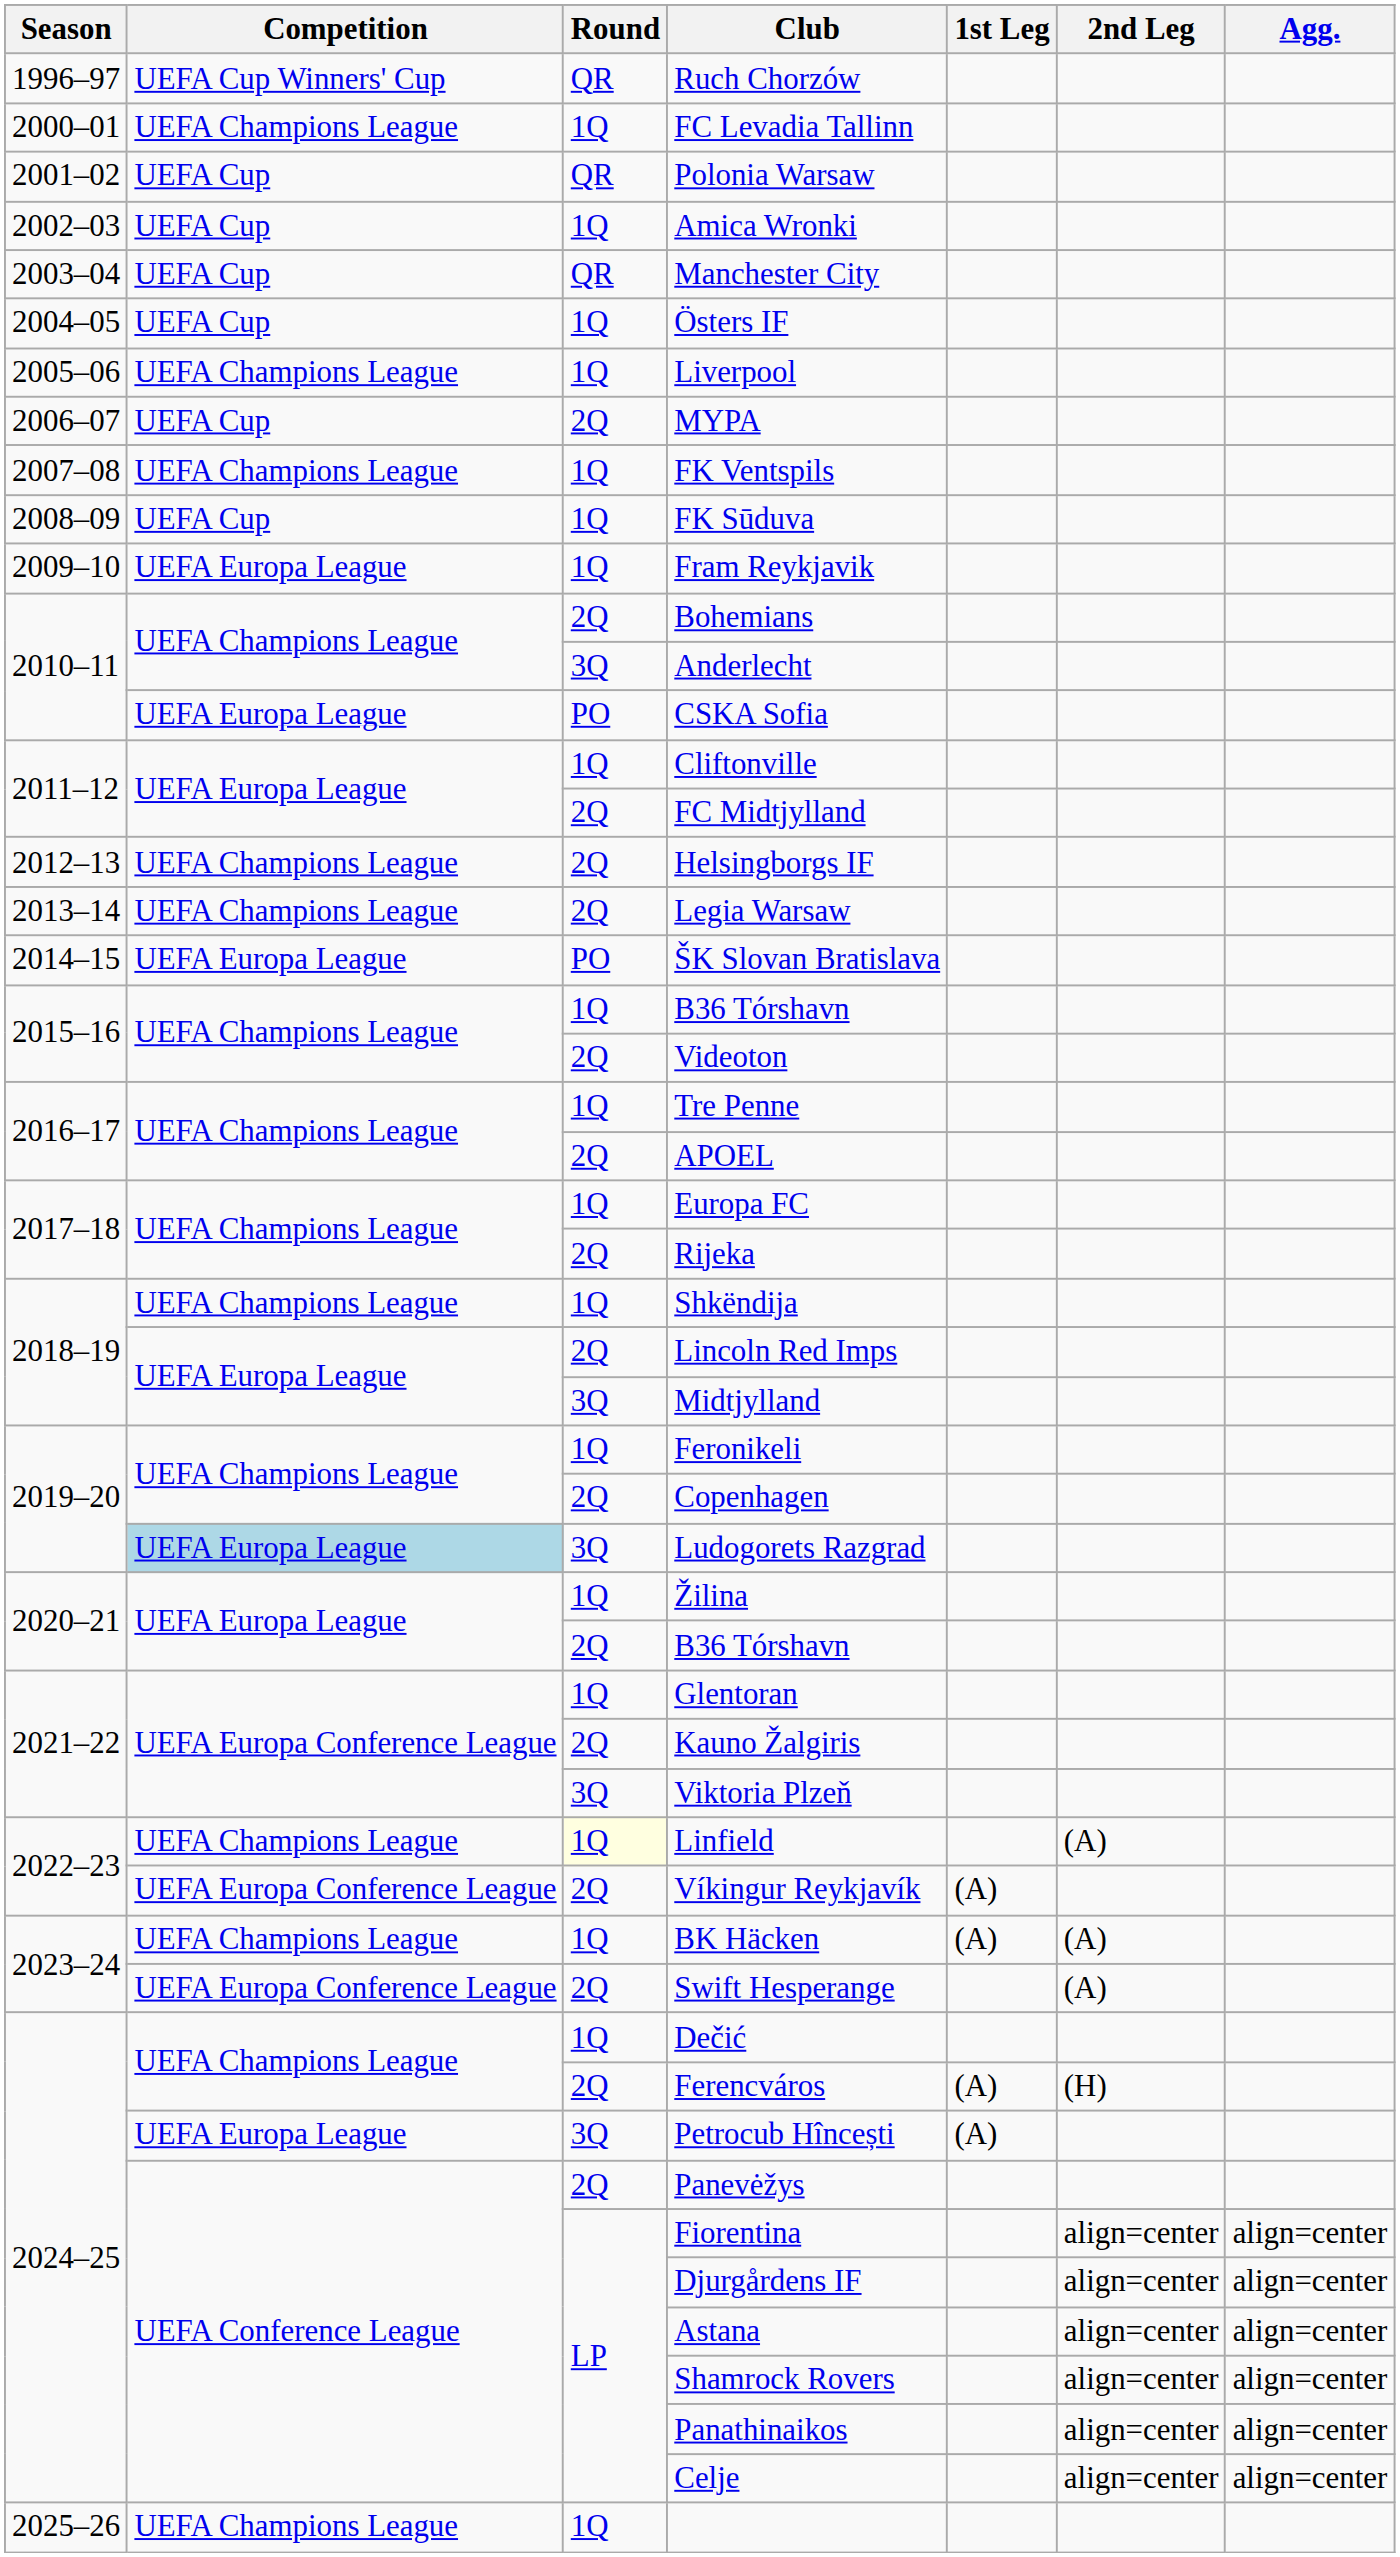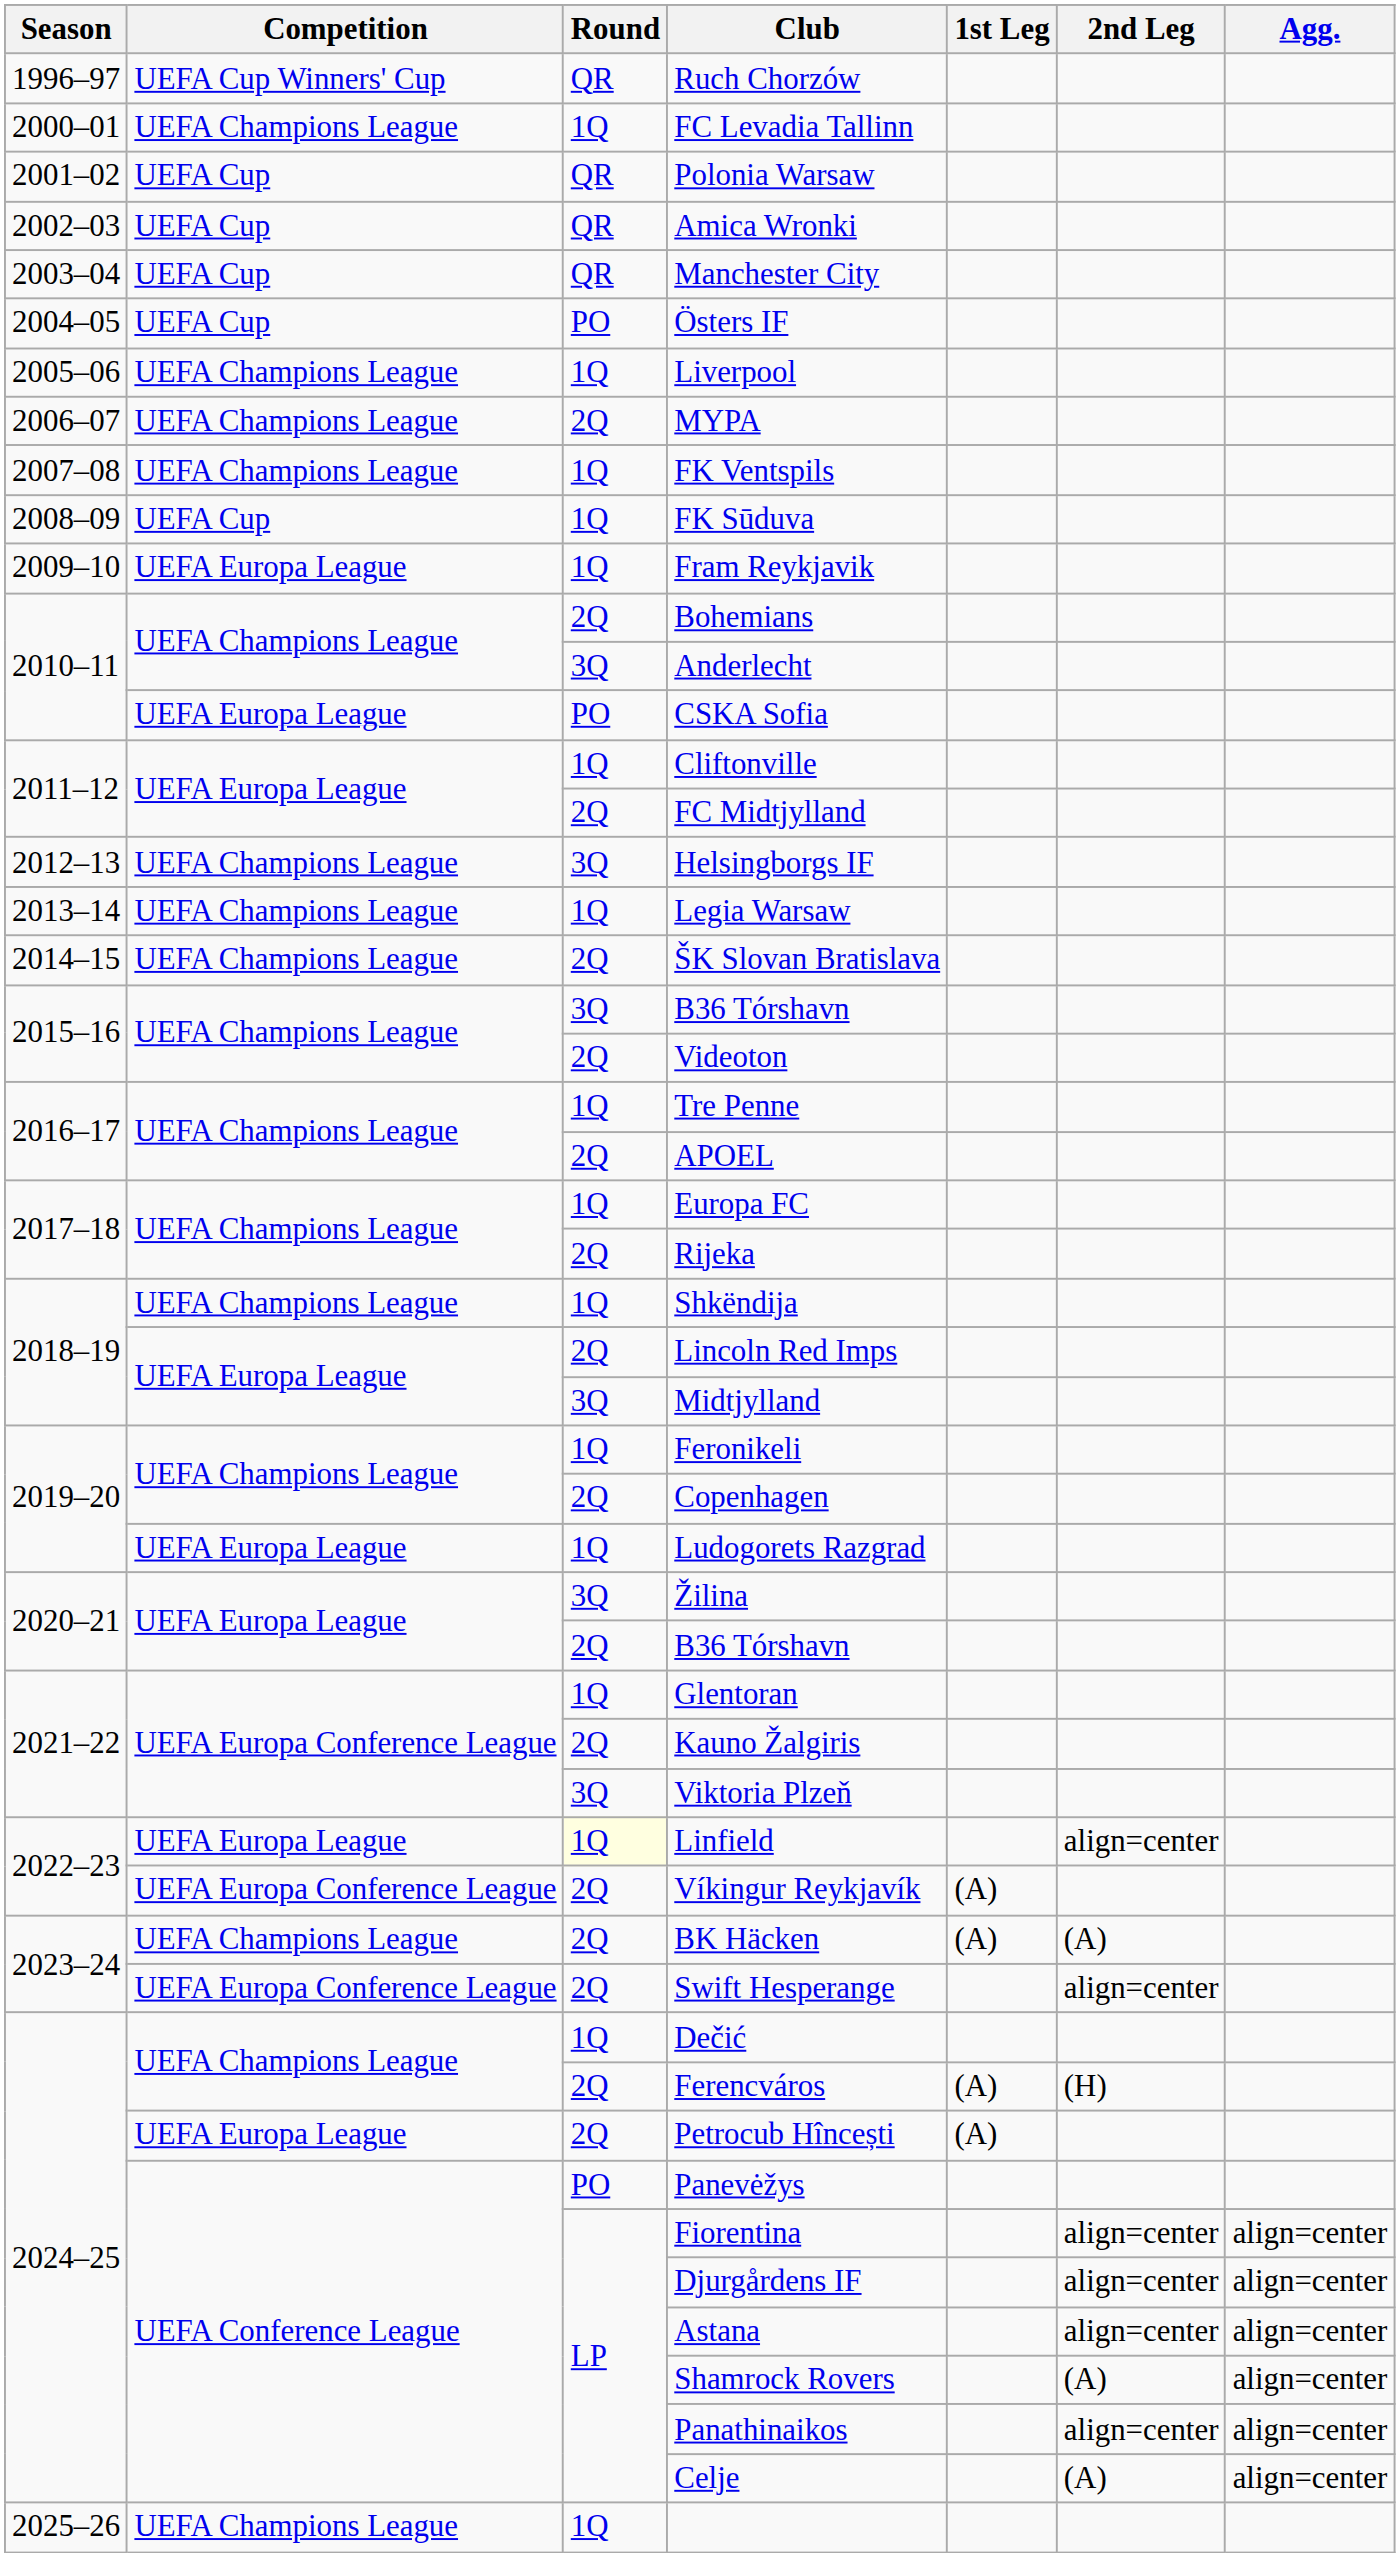 <table class="wikitable sortable">
 <tr>
 <th>Season</th>
 <th>Competition</th>
 <th>Round</th>
 <th>Club</th>
 <th>1st Leg</th>
 <th>2nd Leg</th>
 <th><a href='#'>Agg.</a></th>
 </tr>
 <tr>
 <td>1996–97</td>
 <td><a href='#'>UEFA Cup Winners' Cup</a></td>
 <td><a href='#'>QR</a></td>
 <td> <a href='#'>Ruch Chorzów</a></td>
 <td></td>
 <td></td>
 <td></td>
 </tr>
 <tr>
 <td>2000–01</td>
 <td><a href='#'>UEFA Champions League</a></td>
 <td><a href='#'>1Q</a></td>
 <td> <a href='#'>FC Levadia Tallinn</a></td>
 <td></td>
 <td></td>
 <td></td>
 </tr>
 <tr>
 <td>2001–02</td>
 <td><a href='#'>UEFA Cup</a></td>
 <td><a href='#'>QR</a></td>
 <td> <a href='#'>Polonia Warsaw</a></td>
 <td></td>
 <td></td>
 <td></td>
 </tr>
 <tr>
 <td>2002–03</td>
 <td><a href='#'>UEFA Cup</a></td>
-<td><a href='#'>1Q</a></td>
+<td><a href='#'>QR</a></td>
 <td> <a href='#'>Amica Wronki</a></td>
 <td></td>
 <td></td>
 <td></td>
 </tr>
 <tr>
 <td>2003–04</td>
 <td><a href='#'>UEFA Cup</a></td>
 <td><a href='#'>QR</a></td>
 <td> <a href='#'>Manchester City</a></td>
 <td></td>
 <td></td>
 <td></td>
 </tr>
 <tr>
 <td>2004–05</td>
 <td><a href='#'>UEFA Cup</a></td>
-<td><a href='#'>1Q</a></td>
+<td><a href='#'>PO</a></td>
 <td> <a href='#'>Östers IF</a></td>
 <td></td>
 <td></td>
 <td></td>
 </tr>
 <tr>
 <td>2005–06</td>
 <td><a href='#'>UEFA Champions League</a></td>
 <td><a href='#'>1Q</a></td>
 <td> <a href='#'>Liverpool</a></td>
 <td></td>
 <td></td>
 <td></td>
 </tr>
 <tr>
 <td>2006–07</td>
-<td><a href='#'>UEFA Cup</a></td>
+<td><a href='#'>UEFA Champions League</a></td>
 <td><a href='#'>2Q</a></td>
 <td> <a href='#'>MYPA</a></td>
 <td></td>
 <td></td>
 <td></td>
 </tr>
 <tr>
 <td>2007–08</td>
 <td><a href='#'>UEFA Champions League</a></td>
 <td><a href='#'>1Q</a></td>
 <td> <a href='#'>FK Ventspils</a></td>
 <td></td>
 <td></td>
 <td></td>
 </tr>
 <tr>
 <td>2008–09</td>
 <td><a href='#'>UEFA Cup</a></td>
 <td><a href='#'>1Q</a></td>
 <td> <a href='#'>FK Sūduva</a></td>
 <td></td>
 <td></td>
 <td></td>
 </tr>
 <tr>
 <td>2009–10</td>
 <td><a href='#'>UEFA Europa League</a></td>
 <td><a href='#'>1Q</a></td>
 <td> <a href='#'>Fram Reykjavik</a></td>
 <td></td>
 <td></td>
 <td></td>
 </tr>
 <tr>
 <td rowspan="3">2010–11</td>
 <td rowspan="2"><a href='#'>UEFA Champions League</a></td>
 <td><a href='#'>2Q</a></td>
 <td> <a href='#'>Bohemians</a></td>
 <td></td>
 <td></td>
 <td></td>
 </tr>
 <tr>
 <td><a href='#'>3Q</a></td>
 <td> <a href='#'>Anderlecht</a></td>
 <td></td>
 <td></td>
 <td></td>
 </tr>
 <tr>
 <td><a href='#'>UEFA Europa League</a></td>
 <td><a href='#'>PO</a></td>
 <td> <a href='#'>CSKA Sofia</a></td>
 <td></td>
 <td></td>
 <td></td>
 </tr>
 <tr>
 <td rowspan="2">2011–12</td>
 <td rowspan="2"><a href='#'>UEFA Europa League</a></td>
 <td><a href='#'>1Q</a></td>
 <td> <a href='#'>Cliftonville</a></td>
 <td></td>
 <td></td>
 <td></td>
 </tr>
 <tr>
 <td><a href='#'>2Q</a></td>
 <td> <a href='#'>FC Midtjylland</a></td>
 <td></td>
 <td></td>
 <td></td>
 </tr>
 <tr>
 <td>2012–13</td>
 <td><a href='#'>UEFA Champions League</a></td>
-<td><a href='#'>2Q</a></td>
+<td><a href='#'>3Q</a></td>
 <td> <a href='#'>Helsingborgs IF</a></td>
 <td></td>
 <td></td>
 <td></td>
 </tr>
 <tr>
 <td>2013–14</td>
 <td><a href='#'>UEFA Champions League</a></td>
-<td><a href='#'>2Q</a></td>
+<td><a href='#'>1Q</a></td>
 <td> <a href='#'>Legia Warsaw</a></td>
 <td></td>
 <td></td>
 <td></td>
 </tr>
 <tr>
 <td>2014–15</td>
-<td><a href='#'>UEFA Europa League</a></td>
-<td><a href='#'>PO</a></td>
+<td><a href='#'>UEFA Champions League</a></td>
+<td><a href='#'>2Q</a></td>
 <td> <a href='#'>ŠK Slovan Bratislava</a></td>
 <td></td>
 <td></td>
 <td></td>
 </tr>
 <tr>
 <td rowspan="2">2015–16</td>
 <td rowspan="2"><a href='#'>UEFA Champions League</a></td>
-<td><a href='#'>1Q</a></td>
+<td><a href='#'>3Q</a></td>
 <td> <a href='#'>B36 Tórshavn</a></td>
 <td></td>
 <td></td>
 <td></td>
 </tr>
 <tr>
 <td><a href='#'>2Q</a></td>
 <td> <a href='#'>Videoton</a></td>
 <td></td>
 <td></td>
 <td></td>
 </tr>
 <tr>
 <td rowspan="2">2016–17</td>
 <td rowspan="2"><a href='#'>UEFA Champions League</a></td>
 <td><a href='#'>1Q</a></td>
 <td> <a href='#'>Tre Penne</a></td>
 <td></td>
 <td></td>
 <td></td>
 </tr>
 <tr>
 <td><a href='#'>2Q</a></td>
 <td> <a href='#'>APOEL</a></td>
 <td></td>
 <td></td>
 <td></td>
 </tr>
 <tr>
 <td rowspan="2">2017–18</td>
 <td rowspan="2"><a href='#'>UEFA Champions League</a></td>
 <td><a href='#'>1Q</a></td>
 <td> <a href='#'>Europa FC</a></td>
 <td></td>
 <td></td>
 <td></td>
 </tr>
 <tr>
 <td><a href='#'>2Q</a></td>
 <td> <a href='#'>Rijeka</a></td>
 <td></td>
 <td></td>
 <td></td>
 </tr>
 <tr>
 <td rowspan="3">2018–19</td>
 <td><a href='#'>UEFA Champions League</a></td>
 <td><a href='#'>1Q</a></td>
 <td> <a href='#'>Shkëndija</a></td>
 <td></td>
 <td></td>
 <td></td>
 </tr>
 <tr>
 <td rowspan="2"><a href='#'>UEFA Europa League</a></td>
 <td><a href='#'>2Q</a></td>
 <td> <a href='#'>Lincoln Red Imps</a></td>
 <td></td>
 <td></td>
 <td></td>
 </tr>
 <tr>
 <td><a href='#'>3Q</a></td>
 <td> <a href='#'>Midtjylland</a></td>
 <td></td>
 <td></td>
 <td></td>
 </tr>
 <tr>
 <td rowspan="3">2019–20</td>
 <td rowspan="2"><a href='#'>UEFA Champions League</a></td>
 <td><a href='#'>1Q</a></td>
 <td> <a href='#'>Feronikeli</a></td>
 <td></td>
 <td></td>
 <td></td>
 </tr>
 <tr>
 <td><a href='#'>2Q</a></td>
 <td> <a href='#'>Copenhagen</a></td>
 <td></td>
 <td></td>
 <td></td>
 </tr>
 <tr>
-<td style="background: lightblue;"><a href='#'>UEFA Europa League</a></td>
-<td><a href='#'>3Q</a></td>
+<td><a href='#'>UEFA Europa League</a></td>
+<td><a href='#'>1Q</a></td>
 <td> <a href='#'>Ludogorets Razgrad</a></td>
 <td></td>
 <td></td>
 <td></td>
 </tr>
 <tr>
 <td rowspan="2">2020–21</td>
 <td rowspan="2"><a href='#'>UEFA Europa League</a></td>
-<td><a href='#'>1Q</a></td>
+<td><a href='#'>3Q</a></td>
 <td> <a href='#'>Žilina</a></td>
 <td></td>
 <td></td>
 <td></td>
 </tr>
 <tr>
 <td><a href='#'>2Q</a></td>
 <td> <a href='#'>B36 Tórshavn</a></td>
 <td></td>
 <td></td>
 <td></td>
 </tr>
 <tr>
 <td rowspan="3">2021–22</td>
 <td rowspan="3"><a href='#'>UEFA Europa Conference League</a></td>
 <td><a href='#'>1Q</a></td>
 <td> <a href='#'>Glentoran</a></td>
 <td></td>
 <td></td>
 <td></td>
 </tr>
 <tr>
 <td><a href='#'>2Q</a></td>
 <td> <a href='#'>Kauno Žalgiris</a></td>
 <td></td>
 <td></td>
 <td></td>
 </tr>
 <tr>
 <td><a href='#'>3Q</a></td>
 <td> <a href='#'>Viktoria Plzeň</a></td>
 <td></td>
 <td></td>
 <td></td>
 </tr>
 <tr>
 <td rowspan="2">2022–23</td>
-<td><a href='#'>UEFA Champions League</a></td>
+<td><a href='#'>UEFA Europa League</a></td>
 <td style="background: lightyellow;"><a href='#'>1Q</a></td>
 <td> <a href='#'>Linfield</a></td>
 <td></td>
-<td> (A)</td>
+<td>align=center </td>
 <td></td>
 </tr>
 <tr>
 <td><a href='#'>UEFA Europa Conference League</a></td>
 <td><a href='#'>2Q</a></td>
 <td> <a href='#'>Víkingur Reykjavík</a></td>
 <td> (A)</td>
 <td></td>
 <td></td>
 </tr>
 <tr>
 <td rowspan="2">2023–24</td>
 <td><a href='#'>UEFA Champions League</a></td>
-<td><a href='#'>1Q</a></td>
+<td><a href='#'>2Q</a></td>
 <td> <a href='#'>BK Häcken</a></td>
 <td> (A)</td>
 <td> (A)</td>
 <td></td>
 </tr>
 <tr>
 <td><a href='#'>UEFA Europa Conference League</a></td>
 <td><a href='#'>2Q</a></td>
 <td> <a href='#'>Swift Hesperange</a></td>
 <td></td>
-<td> (A)</td>
+<td>align=center </td>
 <td></td>
 </tr>
 <tr>
 <td rowspan="10">2024–25</td>
 <td rowspan="2"><a href='#'>UEFA Champions League</a></td>
 <td><a href='#'>1Q</a></td>
 <td> <a href='#'>Dečić</a></td>
 <td></td>
 <td></td>
 <td></td>
 </tr>
 <tr>
 <td><a href='#'>2Q</a></td>
 <td> <a href='#'>Ferencváros</a></td>
 <td> (A)</td>
 <td> (H)</td>
 <td></td>
 </tr>
 <tr>
 <td><a href='#'>UEFA Europa League</a></td>
-<td><a href='#'>3Q</a></td>
+<td><a href='#'>2Q</a></td>
 <td> <a href='#'>Petrocub Hîncești</a></td>
 <td> (A)</td>
 <td></td>
 <td></td>
 </tr>
 <tr>
 <td rowspan="7"><a href='#'>UEFA Conference League</a></td>
-<td><a href='#'>2Q</a></td>
+<td><a href='#'>PO</a></td>
 <td> <a href='#'>Panevėžys</a></td>
 <td></td>
 <td></td>
 <td></td>
 </tr>
 <tr>
 <td rowspan="6"><a href='#'>LP</a></td>
 <td> <a href='#'>Fiorentina</a></td>
 <td></td>
 <td>align=center </td>
 <td>align=center </td>
 </tr>
 <tr>
 <td> <a href='#'>Djurgårdens IF</a></td>
 <td></td>
 <td>align=center </td>
 <td>align=center </td>
 </tr>
 <tr>
 <td> <a href='#'>Astana</a></td>
 <td></td>
 <td>align=center </td>
 <td>align=center </td>
 </tr>
 <tr>
 <td> <a href='#'>Shamrock Rovers</a></td>
 <td></td>
-<td>align=center </td>
+<td> (A)</td>
 <td>align=center </td>
 </tr>
 <tr>
 <td> <a href='#'>Panathinaikos</a></td>
 <td></td>
 <td>align=center </td>
 <td>align=center </td>
 </tr>
 <tr>
 <td> <a href='#'>Celje</a></td>
 <td></td>
-<td>align=center </td>
+<td> (A)</td>
 <td>align=center </td>
 </tr>
 <tr>
 <td>2025–26</td>
 <td rowspan="1"><a href='#'>UEFA Champions League</a></td>
 <td><a href='#'>1Q</a></td>
 <td></td>
 <td></td>
 <td></td>
 <td></td>
 </tr>
 </table>
